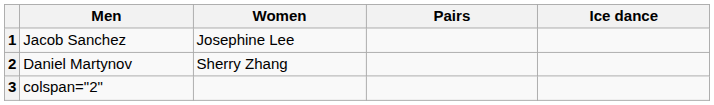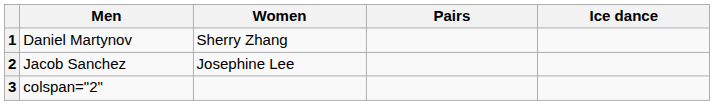 <table class="wikitable unsortable" style="text-align:left; width:85%">
 <tr>
 <th scope="col"></th>
 <th scope="col" style="width:25%">Men</th>
 <th scope="col" style="width:25%">Women</th>
 <th scope="col" style="width:25%">Pairs</th>
 <th scope="col" style="width:25%">Ice dance</th>
 </tr>
 <tr>
 <th scope="row">1</th>
-<td>Jacob Sanchez</td>
-<td>Josephine Lee</td>
+<td>Daniel Martynov</td>
+<td>Sherry Zhang</td>
 <td></td>
 <td></td>
 </tr>
 <tr>
 <th scope="row">2</th>
-<td>Daniel Martynov</td>
-<td>Sherry Zhang</td>
+<td>Jacob Sanchez</td>
+<td>Josephine Lee</td>
 <td></td>
 <td></td>
 </tr>
 <tr>
 <th scope="row">3</th>
 <td>colspan="2" </td>
 <td></td>
 <td></td>
 </tr>
 </table>
